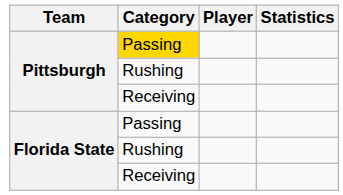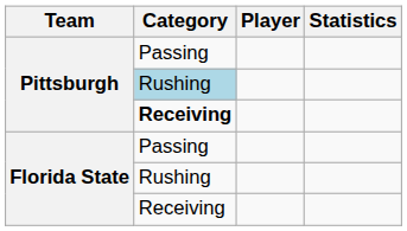 <table class="wikitable" style="float:right">
 <tr>
 <th>Team</th>
 <th>Category</th>
 <th>Player</th>
 <th>Statistics</th>
 </tr>
 <tr>
 <th rowspan=3>Pittsburgh</th>
-<td style="background: gold;">Passing</td>
+<td>Passing</td>
 <td></td>
 <td></td>
 </tr>
 <tr>
-<td>Rushing</td>
+<td style="background: lightblue;">Rushing</td>
 <td></td>
 <td></td>
 </tr>
 <tr>
-<td>Receiving</td>
+<td><strong>Receiving</strong></td>
 <td></td>
 <td></td>
 </tr>
 <tr>
 <th rowspan=3>Florida State</th>
 <td>Passing</td>
 <td></td>
 <td></td>
 </tr>
 <tr>
 <td>Rushing</td>
 <td></td>
 <td></td>
 </tr>
 <tr>
 <td>Receiving</td>
 <td></td>
 <td></td>
 </tr>
 </table>
